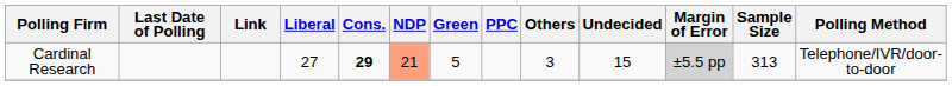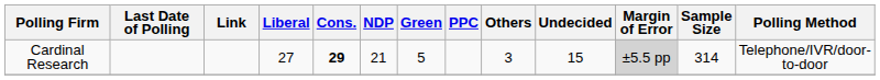 <table class="wikitable sortable" style="text-align:center;font-size:90%;line-height:14px;">
 <tr style="background:#e9e9e9;">
 <th style="width:120px">Polling Firm</th>
 <th style="width:110px">Last Date<br>of Polling</th>
 <th style="width:60px" class="unsortable">Link</th>
 <th style="background-color:"><a href='#'>Liberal</a></th>
 <th style="background-color:"><a href='#'>Cons.</a></th>
 <th style="background-color:"><a href='#'>NDP</a></th>
 <th style="background-color:"><a href='#'>Green</a></th>
 <th style="background-color:"><a href='#'><span>PPC</span></a></th>
 <th style="background-color:">Others</th>
 <th style="background-color:">Undecided</th>
 <th style="width:60px;" class=unsortable>Margin<br>of Error</th>
 <th style="width:50px;" class=unsortable>Sample<br>Size</th>
 <th class=unsortable>Polling Method</th>
 </tr>
 <tr>
 <td>Cardinal Research</td>
 <td></td>
 <td></td>
 <td>27</td>
 <td><strong>29</strong></td>
-<td style="background: lightsalmon;">21</td>
+<td>21</td>
 <td>5</td>
 <td></td>
 <td>3</td>
 <td>15</td>
 <td style="background: lightgrey;">±5.5 pp</td>
-<td>313</td>
+<td>314</td>
 <td>Telephone/IVR/door-to-door</td>
 </tr>
 <tr>
 </tr>
 </table>
